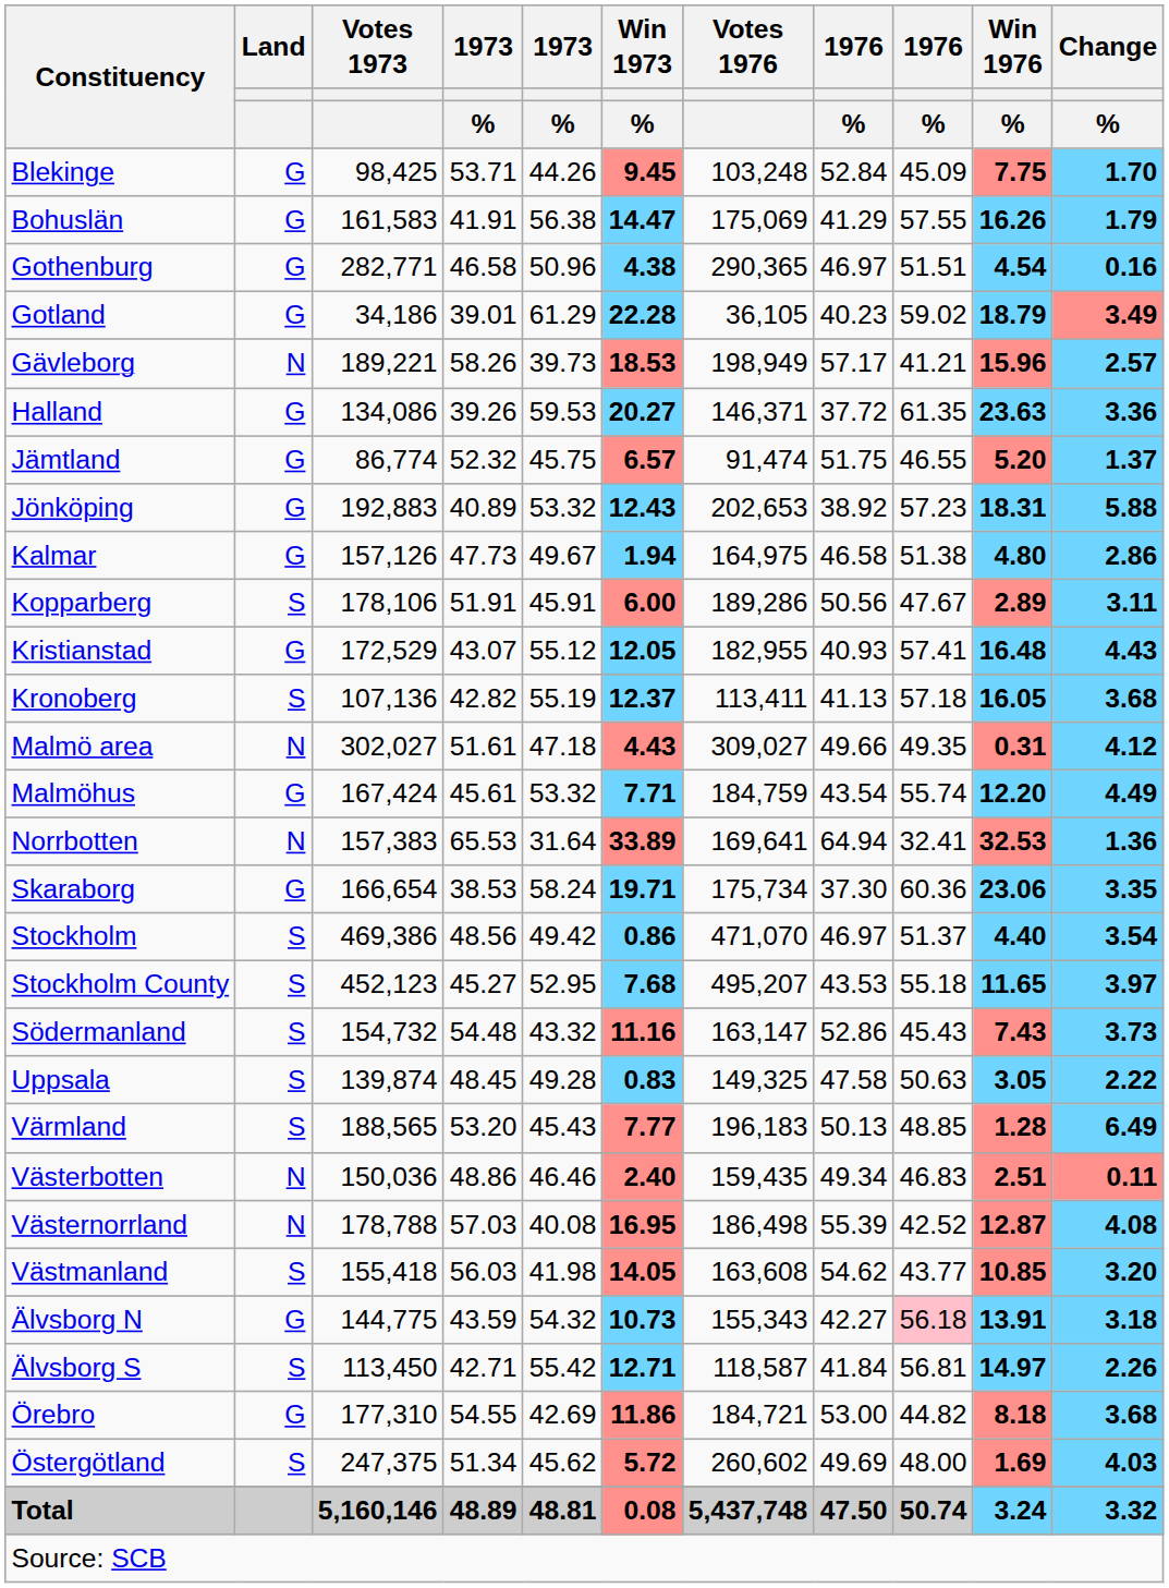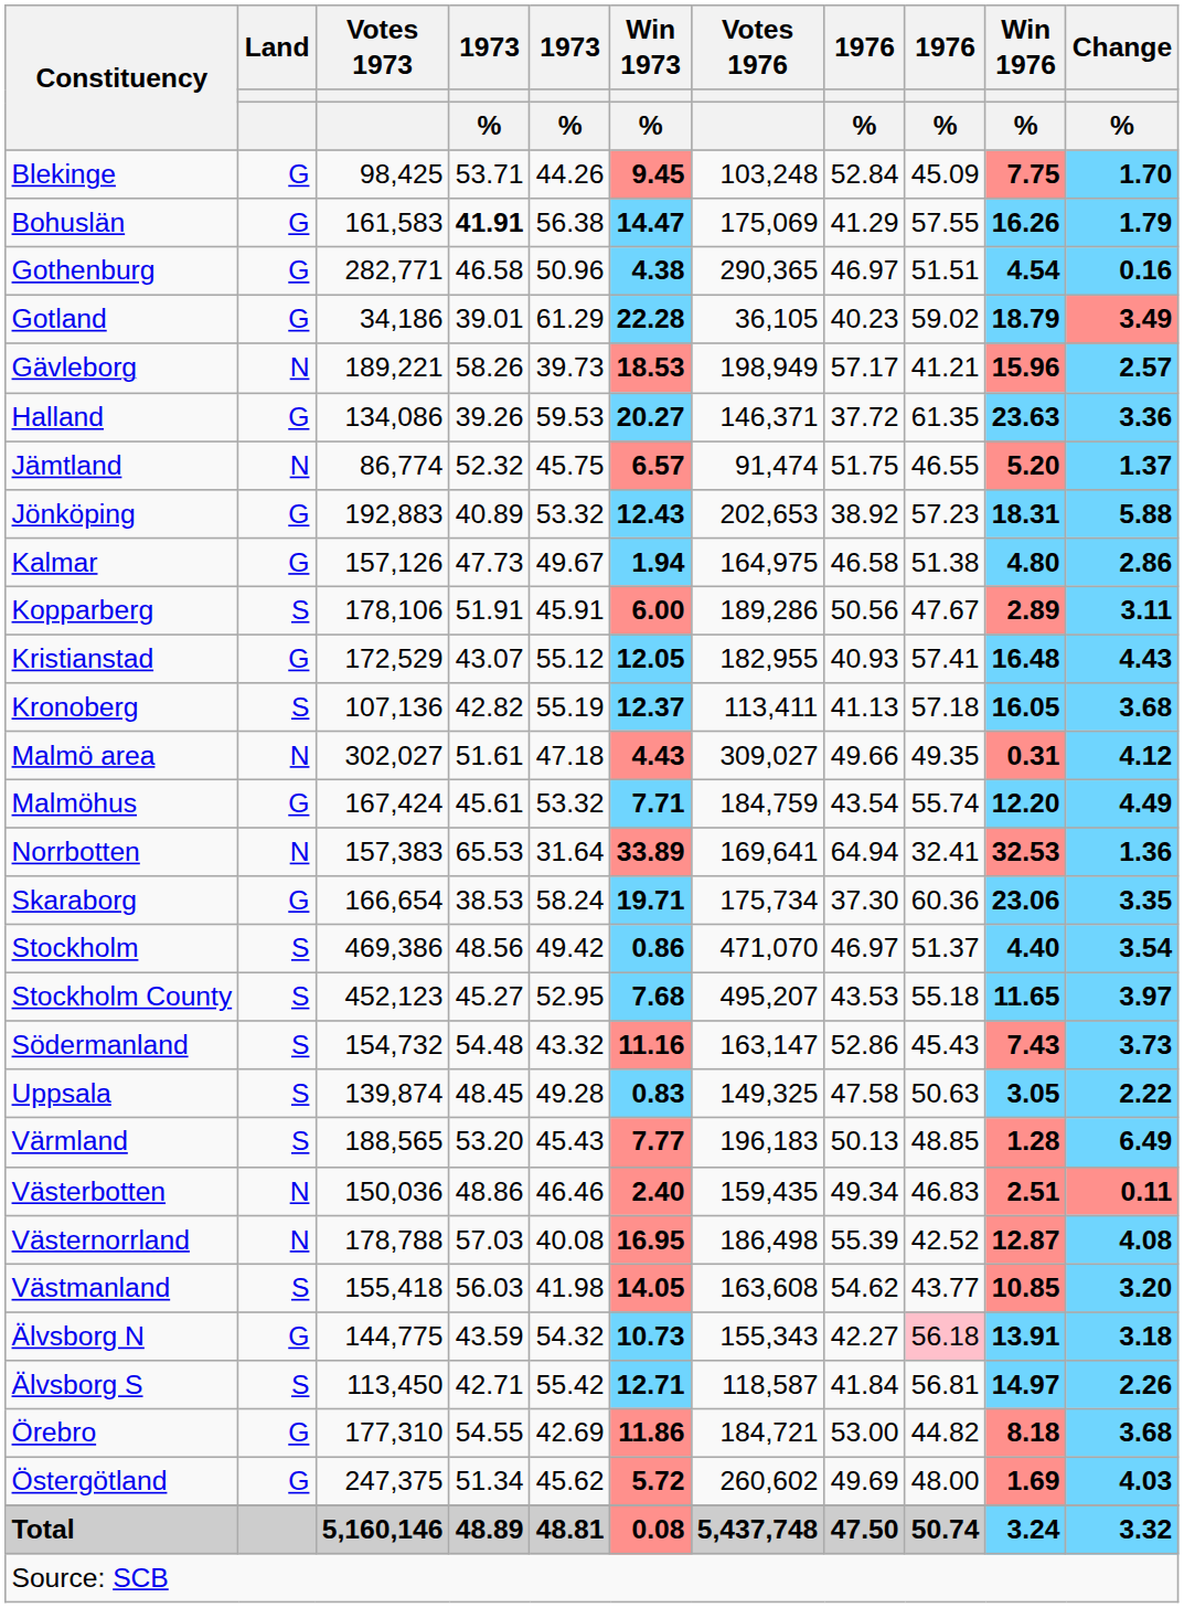 <table class="wikitable sortable" style="text-align:right; font-size:95%; line-height:20px;">
 <tr>
 <th rowspan="3">Constituency</th>
 <th>Land</th>
 <th width="30px" class="unsortable">Votes 1973</th>
 <th> 1973</th>
 <th> 1973</th>
 <th width="30px" class="unsortable">Win 1973</th>
 <th width="30px" class="unsortable">Votes 1976</th>
 <th> 1976</th>
 <th> 1976</th>
 <th width="30px" class="unsortable">Win 1976</th>
 <th width="30px" class="unsortable">Change</th>
 </tr>
 <tr>
 <th></th>
 <th></th>
 <th style="background:"></th>
 <th style="background:"></th>
 <th></th>
 <th></th>
 <th style="background:"></th>
 <th style="background:"></th>
 <th></th>
 <th></th>
 </tr>
 <tr>
 <th data-sort-type="number"></th>
 <th data-sort-type="number"></th>
 <th data-sort-type="number">%</th>
 <th data-sort-type="number">%</th>
 <th data-sort-type="number">%</th>
 <th data-sort-type="number"></th>
 <th data-sort-type="number">%</th>
 <th data-sort-type="number">%</th>
 <th data-sort-type="number">%</th>
 <th data-sort-type="number">%</th>
 </tr>
 <tr>
 <td align="left"><a href='#'>Blekinge</a></td>
 <td><a href='#'>G</a></td>
 <td>98,425</td>
 <td>53.71</td>
 <td>44.26</td>
 <td bgcolor=#ff908c><strong>9.45</strong></td>
 <td>103,248</td>
 <td>52.84</td>
 <td>45.09</td>
 <td bgcolor=#ff908c><strong>7.75</strong></td>
 <td bgcolor=#6fd5fe><strong>1.70</strong></td>
 </tr>
 <tr>
 <td align="left"><a href='#'>Bohuslän</a></td>
 <td><a href='#'>G</a></td>
 <td>161,583</td>
-<td>41.91</td>
+<td><strong>41.91</strong></td>
 <td>56.38</td>
 <td bgcolor=#6fd5fe><strong>14.47</strong></td>
 <td>175,069</td>
 <td>41.29</td>
 <td>57.55</td>
 <td bgcolor=#6fd5fe><strong>16.26</strong></td>
 <td bgcolor=#6fd5fe><strong>1.79</strong></td>
 </tr>
 <tr>
 <td align="left"><a href='#'>Gothenburg</a></td>
 <td><a href='#'>G</a></td>
 <td>282,771</td>
 <td>46.58</td>
 <td>50.96</td>
 <td bgcolor=#6fd5fe><strong>4.38</strong></td>
 <td>290,365</td>
 <td>46.97</td>
 <td>51.51</td>
 <td bgcolor=#6fd5fe><strong>4.54</strong></td>
 <td bgcolor=#6fd5fe><strong>0.16</strong></td>
 </tr>
 <tr>
 <td align="left"><a href='#'>Gotland</a></td>
 <td><a href='#'>G</a></td>
 <td>34,186</td>
 <td>39.01</td>
 <td>61.29</td>
 <td bgcolor=#6fd5fe><strong>22.28</strong></td>
 <td>36,105</td>
 <td>40.23</td>
 <td>59.02</td>
 <td bgcolor=#6fd5fe><strong>18.79</strong></td>
 <td bgcolor=#ff908c><strong>3.49</strong></td>
 </tr>
 <tr>
 <td align="left"><a href='#'>Gävleborg</a></td>
 <td><a href='#'>N</a></td>
 <td>189,221</td>
 <td>58.26</td>
 <td>39.73</td>
 <td bgcolor=#ff908c><strong>18.53</strong></td>
 <td>198,949</td>
 <td>57.17</td>
 <td>41.21</td>
 <td bgcolor=#ff908c><strong>15.96</strong></td>
 <td bgcolor=#6fd5fe><strong>2.57</strong></td>
 </tr>
 <tr>
 <td align="left"><a href='#'>Halland</a></td>
 <td><a href='#'>G</a></td>
 <td>134,086</td>
 <td>39.26</td>
 <td>59.53</td>
 <td bgcolor=#6fd5fe><strong>20.27</strong></td>
 <td>146,371</td>
 <td>37.72</td>
 <td>61.35</td>
 <td bgcolor=#6fd5fe><strong>23.63</strong></td>
 <td bgcolor=#6fd5fe><strong>3.36</strong></td>
 </tr>
 <tr>
 <td align="left"><a href='#'>Jämtland</a></td>
-<td><a href='#'>G</a></td>
+<td><a href='#'>N</a></td>
 <td>86,774</td>
 <td>52.32</td>
 <td>45.75</td>
 <td bgcolor=#ff908c><strong>6.57</strong></td>
 <td>91,474</td>
 <td>51.75</td>
 <td>46.55</td>
 <td bgcolor=#ff908c><strong>5.20</strong></td>
 <td bgcolor=#6fd5fe><strong>1.37</strong></td>
 </tr>
 <tr>
 <td align="left"><a href='#'>Jönköping</a></td>
 <td><a href='#'>G</a></td>
 <td>192,883</td>
 <td>40.89</td>
 <td>53.32</td>
 <td bgcolor=#6fd5fe><strong>12.43</strong></td>
 <td>202,653</td>
 <td>38.92</td>
 <td>57.23</td>
 <td bgcolor=#6fd5fe><strong>18.31</strong></td>
 <td bgcolor=#6fd5fe><strong>5.88</strong></td>
 </tr>
 <tr>
 <td align="left"><a href='#'>Kalmar</a></td>
 <td><a href='#'>G</a></td>
 <td>157,126</td>
 <td>47.73</td>
 <td>49.67</td>
 <td bgcolor=#6fd5fe><strong>1.94</strong></td>
 <td>164,975</td>
 <td>46.58</td>
 <td>51.38</td>
 <td bgcolor=#6fd5fe><strong>4.80</strong></td>
 <td bgcolor=#6fd5fe><strong>2.86</strong></td>
 </tr>
 <tr>
 <td align="left"><a href='#'>Kopparberg</a></td>
 <td><a href='#'>S</a></td>
 <td>178,106</td>
 <td>51.91</td>
 <td>45.91</td>
 <td bgcolor=#ff908c><strong>6.00</strong></td>
 <td>189,286</td>
 <td>50.56</td>
 <td>47.67</td>
 <td bgcolor=#ff908c><strong>2.89</strong></td>
 <td bgcolor=#6fd5fe><strong>3.11</strong></td>
 </tr>
 <tr>
 <td align="left"><a href='#'>Kristianstad</a></td>
 <td><a href='#'>G</a></td>
 <td>172,529</td>
 <td>43.07</td>
 <td>55.12</td>
 <td bgcolor=#6fd5fe><strong>12.05</strong></td>
 <td>182,955</td>
 <td>40.93</td>
 <td>57.41</td>
 <td bgcolor=#6fd5fe><strong>16.48</strong></td>
 <td bgcolor=#6fd5fe><strong>4.43</strong></td>
 </tr>
 <tr>
 <td align="left"><a href='#'>Kronoberg</a></td>
 <td><a href='#'>S</a></td>
 <td>107,136</td>
 <td>42.82</td>
 <td>55.19</td>
 <td bgcolor=#6fd5fe><strong>12.37</strong></td>
 <td>113,411</td>
 <td>41.13</td>
 <td>57.18</td>
 <td bgcolor=#6fd5fe><strong>16.05</strong></td>
 <td bgcolor=#6fd5fe><strong>3.68</strong></td>
 </tr>
 <tr>
 <td align="left"><a href='#'>Malmö area</a></td>
 <td><a href='#'>N</a></td>
 <td>302,027</td>
 <td>51.61</td>
 <td>47.18</td>
 <td bgcolor=#ff908c><strong>4.43</strong></td>
 <td>309,027</td>
 <td>49.66</td>
 <td>49.35</td>
 <td bgcolor=#ff908c><strong>0.31</strong></td>
 <td bgcolor=#6fd5fe><strong>4.12</strong></td>
 </tr>
 <tr>
 <td align="left"><a href='#'>Malmöhus</a></td>
 <td><a href='#'>G</a></td>
 <td>167,424</td>
 <td>45.61</td>
 <td>53.32</td>
 <td bgcolor=#6fd5fe><strong>7.71</strong></td>
 <td>184,759</td>
 <td>43.54</td>
 <td>55.74</td>
 <td bgcolor=#6fd5fe><strong>12.20</strong></td>
 <td bgcolor=#6fd5fe><strong>4.49</strong></td>
 </tr>
 <tr>
 <td align="left"><a href='#'>Norrbotten</a></td>
 <td><a href='#'>N</a></td>
 <td>157,383</td>
 <td>65.53</td>
 <td>31.64</td>
 <td bgcolor=#ff908c><strong>33.89</strong></td>
 <td>169,641</td>
 <td>64.94</td>
 <td>32.41</td>
 <td bgcolor=#ff908c><strong>32.53</strong></td>
 <td bgcolor=#6fd5fe><strong>1.36</strong></td>
 </tr>
 <tr>
 <td align="left"><a href='#'>Skaraborg</a></td>
 <td><a href='#'>G</a></td>
 <td>166,654</td>
 <td>38.53</td>
 <td>58.24</td>
 <td bgcolor=#6fd5fe><strong>19.71</strong></td>
 <td>175,734</td>
 <td>37.30</td>
 <td>60.36</td>
 <td bgcolor=#6fd5fe><strong>23.06</strong></td>
 <td bgcolor=#6fd5fe><strong>3.35</strong></td>
 </tr>
 <tr>
 <td align="left"><a href='#'>Stockholm</a></td>
 <td><a href='#'>S</a></td>
 <td>469,386</td>
 <td>48.56</td>
 <td>49.42</td>
 <td bgcolor=#6fd5fe><strong>0.86</strong></td>
 <td>471,070</td>
 <td>46.97</td>
 <td>51.37</td>
 <td bgcolor=#6fd5fe><strong>4.40</strong></td>
 <td bgcolor=#6fd5fe><strong>3.54</strong></td>
 </tr>
 <tr>
 <td align="left"><a href='#'>Stockholm County</a></td>
 <td><a href='#'>S</a></td>
 <td>452,123</td>
 <td>45.27</td>
 <td>52.95</td>
 <td bgcolor=#6fd5fe><strong>7.68</strong></td>
 <td>495,207</td>
 <td>43.53</td>
 <td>55.18</td>
 <td bgcolor=#6fd5fe><strong>11.65</strong></td>
 <td bgcolor=#6fd5fe><strong>3.97</strong></td>
 </tr>
 <tr>
 <td align="left"><a href='#'>Södermanland</a></td>
 <td><a href='#'>S</a></td>
 <td>154,732</td>
 <td>54.48</td>
 <td>43.32</td>
 <td bgcolor=#ff908c><strong>11.16</strong></td>
 <td>163,147</td>
 <td>52.86</td>
 <td>45.43</td>
 <td bgcolor=#ff908c><strong>7.43</strong></td>
 <td bgcolor=#6fd5fe><strong>3.73</strong></td>
 </tr>
 <tr>
 <td align="left"><a href='#'>Uppsala</a></td>
 <td><a href='#'>S</a></td>
 <td>139,874</td>
 <td>48.45</td>
 <td>49.28</td>
 <td bgcolor=#6fd5fe><strong>0.83</strong></td>
 <td>149,325</td>
 <td>47.58</td>
 <td>50.63</td>
 <td bgcolor=#6fd5fe><strong>3.05</strong></td>
 <td bgcolor=#6fd5fe><strong>2.22</strong></td>
 </tr>
 <tr>
 <td align="left"><a href='#'>Värmland</a></td>
 <td><a href='#'>S</a></td>
 <td>188,565</td>
 <td>53.20</td>
 <td>45.43</td>
 <td bgcolor=#ff908c><strong>7.77</strong></td>
 <td>196,183</td>
 <td>50.13</td>
 <td>48.85</td>
 <td bgcolor=#ff908c><strong>1.28</strong></td>
 <td bgcolor=#6fd5fe><strong>6.49</strong></td>
 </tr>
 <tr>
 <td align="left"><a href='#'>Västerbotten</a></td>
 <td><a href='#'>N</a></td>
 <td>150,036</td>
 <td>48.86</td>
 <td>46.46</td>
 <td bgcolor=#ff908c><strong>2.40</strong></td>
 <td>159,435</td>
 <td>49.34</td>
 <td>46.83</td>
 <td bgcolor=#ff908c><strong>2.51</strong></td>
 <td bgcolor=#ff908c><strong>0.11</strong></td>
 </tr>
 <tr>
 <td align="left"><a href='#'>Västernorrland</a></td>
 <td><a href='#'>N</a></td>
 <td>178,788</td>
 <td>57.03</td>
 <td>40.08</td>
 <td bgcolor=#ff908c><strong>16.95</strong></td>
 <td>186,498</td>
 <td>55.39</td>
 <td>42.52</td>
 <td bgcolor=#ff908c><strong>12.87</strong></td>
 <td bgcolor=#6fd5fe><strong>4.08</strong></td>
 </tr>
 <tr>
 <td align="left"><a href='#'>Västmanland</a></td>
 <td><a href='#'>S</a></td>
 <td>155,418</td>
 <td>56.03</td>
 <td>41.98</td>
 <td bgcolor=#ff908c><strong>14.05</strong></td>
 <td>163,608</td>
 <td>54.62</td>
 <td>43.77</td>
 <td bgcolor=#ff908c><strong>10.85</strong></td>
 <td bgcolor=#6fd5fe><strong>3.20</strong></td>
 </tr>
 <tr>
 <td align="left"><a href='#'>Älvsborg N</a></td>
 <td><a href='#'>G</a></td>
 <td>144,775</td>
 <td>43.59</td>
 <td>54.32</td>
 <td bgcolor=#6fd5fe><strong>10.73</strong></td>
 <td>155,343</td>
 <td>42.27</td>
 <td style="background: pink;">56.18</td>
 <td bgcolor=#6fd5fe><strong>13.91</strong></td>
 <td bgcolor=#6fd5fe><strong>3.18</strong></td>
 </tr>
 <tr>
 <td align="left"><a href='#'>Älvsborg S</a></td>
 <td><a href='#'>S</a></td>
 <td>113,450</td>
 <td>42.71</td>
 <td>55.42</td>
 <td bgcolor=#6fd5fe><strong>12.71</strong></td>
 <td>118,587</td>
 <td>41.84</td>
 <td>56.81</td>
 <td bgcolor=#6fd5fe><strong>14.97</strong></td>
 <td bgcolor=#6fd5fe><strong>2.26</strong></td>
 </tr>
 <tr>
 <td align="left"><a href='#'>Örebro</a></td>
 <td><a href='#'>G</a></td>
 <td>177,310</td>
 <td>54.55</td>
 <td>42.69</td>
 <td bgcolor=#ff908c><strong>11.86</strong></td>
 <td>184,721</td>
 <td>53.00</td>
 <td>44.82</td>
 <td bgcolor=#ff908c><strong>8.18</strong></td>
 <td bgcolor=#6fd5fe><strong>3.68</strong></td>
 </tr>
 <tr>
 <td align="left"><a href='#'>Östergötland</a></td>
-<td><a href='#'>S</a></td>
+<td><a href='#'>G</a></td>
 <td>247,375</td>
 <td>51.34</td>
 <td>45.62</td>
 <td bgcolor=#ff908c><strong>5.72</strong></td>
 <td>260,602</td>
 <td>49.69</td>
 <td>48.00</td>
 <td bgcolor=#ff908c><strong>1.69</strong></td>
 <td bgcolor=#6fd5fe><strong>4.03</strong></td>
 </tr>
 <tr>
 </tr>
 <tr style="background:#CDCDCD;">
 <td align="left"><strong>Total</strong></td>
 <td></td>
 <td><strong>5,160,146</strong></td>
 <td><strong>48.89</strong></td>
 <td><strong>48.81</strong></td>
 <td bgcolor=#ff908c><strong>0.08</strong></td>
 <td><strong>5,437,748</strong></td>
 <td><strong>47.50</strong></td>
 <td><strong>50.74</strong></td>
 <td bgcolor=#6fd5fe><strong>3.24</strong></td>
 <td bgcolor=#6fd5fe><strong>3.32</strong></td>
 </tr>
 <tr>
 <td colspan="11" align="left">Source: <a href='#'>SCB</a></td>
 </tr>
 </table>
